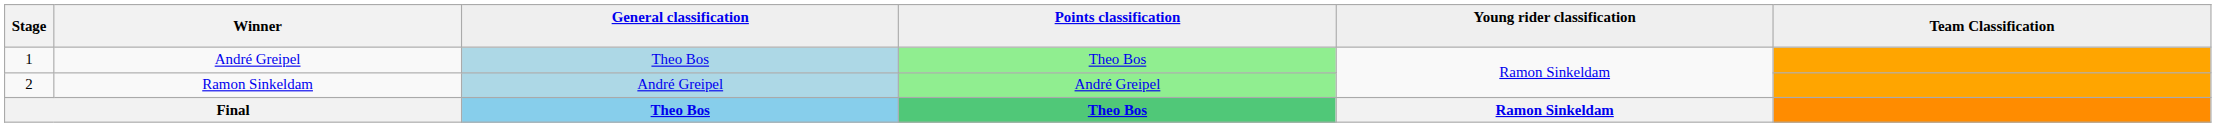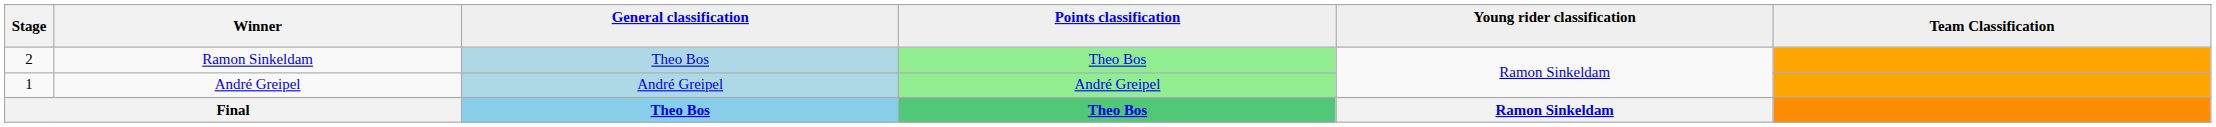 <table class="wikitable" style="text-align: center; font-size:smaller;">
 <tr style="background-color: #efefef;">
 <th width="1%">Stage</th>
 <th width="14%">Winner</th>
 <th style="background:#EFEFEF;" width="15%"><a href='#'>General classification</a><br><br></th>
 <th style="background:#EFEFEF;" width="15%"><a href='#'>Points classification</a><br><br></th>
 <th style="background:#EFEFEF;" width="15%">Young rider classification<br><br></th>
 <th style="background:#EFEFEF;" width="15%">Team Classification</th>
 </tr>
 <tr>
-<td>1</td>
-<td><a href='#'>André Greipel</a></td>
+<td>2</td>
+<td><a href='#'>Ramon Sinkeldam</a></td>
 <td style="background:lightblue;"><a href='#'>Theo Bos</a></td>
 <td style="background:lightgreen;"><a href='#'>Theo Bos</a></td>
 <td style="background:offwhite;" rowspan=2><a href='#'>Ramon Sinkeldam</a></td>
 <td style="background:orange;"></td>
 </tr>
 <tr>
-<td>2</td>
-<td><a href='#'>Ramon Sinkeldam</a></td>
+<td>1</td>
+<td><a href='#'>André Greipel</a></td>
 <td style="background:lightblue;"><a href='#'>André Greipel</a></td>
 <td style="background:lightgreen;"><a href='#'>André Greipel</a></td>
 <td style="background:orange;"></td>
 </tr>
 <tr>
 <th colspan=2><strong>Final</strong></th>
 <th style="background:skyblue;"><a href='#'>Theo Bos</a></th>
 <th style="background:#50C878;"><a href='#'>Theo Bos</a></th>
 <th style="background:offwhite;"><a href='#'>Ramon Sinkeldam</a></th>
 <th style="background:#FF8C00;"></th>
 </tr>
 </table>
